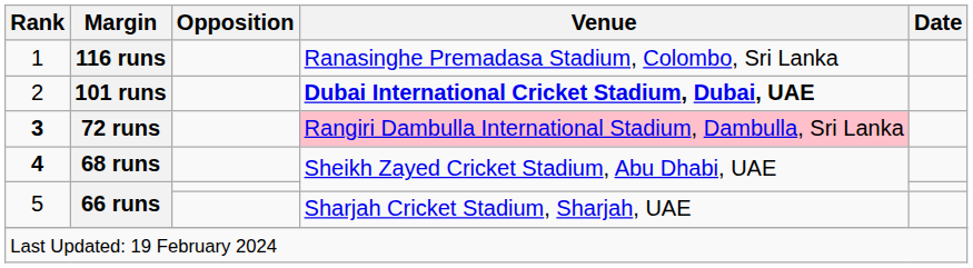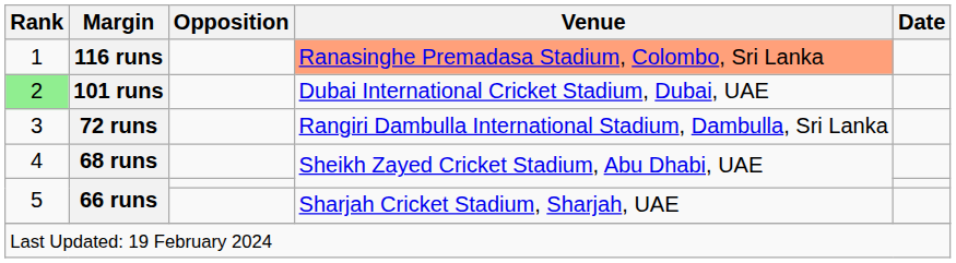 <table class="wikitable plainrowheaders sortable">
 <tr>
 <th scope=col>Rank</th>
 <th scope=col>Margin</th>
 <th scope=col>Opposition</th>
 <th scope=col>Venue</th>
 <th scope=col>Date</th>
 </tr>
 <tr>
 <td align=center>1</td>
 <th scope=row style=text-align:center;>116 runs</th>
 <td></td>
-<td><a href='#'>Ranasinghe Premadasa Stadium</a>, <a href='#'>Colombo</a>, Sri Lanka</td>
+<td style="background: lightsalmon;"><a href='#'>Ranasinghe Premadasa Stadium</a>, <a href='#'>Colombo</a>, Sri Lanka</td>
 <td> </td>
 </tr>
 <tr>
-<td align="center">2</td>
+<td align="center" style="background: lightgreen;">2</td>
 <th scope="row" style="text-align:center;">101 runs</th>
 <td></td>
-<td><strong><a href='#'>Dubai International Cricket Stadium</a>, <a href='#'>Dubai</a>, UAE</strong></td>
+<td><a href='#'>Dubai International Cricket Stadium</a>, <a href='#'>Dubai</a>, UAE</td>
 <td> </td>
 </tr>
 <tr>
-<td align="center"><strong>3</strong></td>
+<td align="center">3</td>
 <th scope="row" style="text-align:center;">72 runs</th>
 <td></td>
-<td style="background: pink;"><a href='#'>Rangiri Dambulla International Stadium</a>, <a href='#'>Dambulla</a>, Sri Lanka</td>
+<td><a href='#'>Rangiri Dambulla International Stadium</a>, <a href='#'>Dambulla</a>, Sri Lanka</td>
 <td></td>
 </tr>
 <tr>
-<td align="center"><strong>4</strong></td>
+<td align="center">4</td>
 <th scope="row" style="text-align:center;">68 runs</th>
 <td></td>
 <td rowspan=2><a href='#'>Sheikh Zayed Cricket Stadium</a>, <a href='#'>Abu Dhabi</a>, UAE</td>
 <td></td>
 </tr>
 <tr>
 <td align=center rowspan=2>5</td>
 <th scope="row" style="text-align:center" rowspan=2>66 runs</th>
 <td></td>
 <td> </td>
 </tr>
 <tr>
 <td></td>
 <td><a href='#'>Sharjah Cricket Stadium</a>, <a href='#'>Sharjah</a>, UAE</td>
 <td></td>
 </tr>
 <tr>
 </tr>
 <tr class=sortbottom>
 <td colspan=5><small>Last Updated: 19 February 2024</small></td>
 </tr>
 </table>
